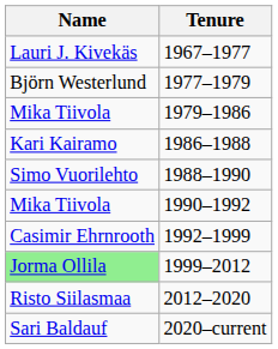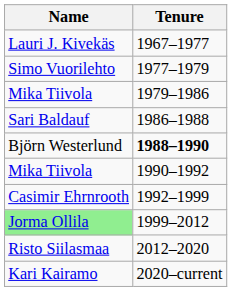 <table class="wikitable" style="display:inline-table;">
 <tr>
 <th>Name</th>
 <th>Tenure</th>
 </tr>
 <tr>
 <td><a href='#'>Lauri J. Kivekäs</a></td>
 <td>1967–1977</td>
 </tr>
 <tr>
-<td>Björn Westerlund</td>
+<td><a href='#'>Simo Vuorilehto</a></td>
 <td>1977–1979</td>
 </tr>
 <tr>
 <td><a href='#'>Mika Tiivola</a></td>
 <td>1979–1986</td>
 </tr>
 <tr>
-<td><a href='#'>Kari Kairamo</a></td>
+<td><a href='#'>Sari Baldauf</a></td>
 <td>1986–1988</td>
 </tr>
 <tr>
-<td><a href='#'>Simo Vuorilehto</a></td>
-<td>1988–1990</td>
+<td>Björn Westerlund</td>
+<td><strong>1988–1990</strong></td>
 </tr>
 <tr>
 <td><a href='#'>Mika Tiivola</a></td>
 <td>1990–1992</td>
 </tr>
 <tr>
 <td><a href='#'>Casimir Ehrnrooth</a></td>
 <td>1992–1999</td>
 </tr>
 <tr>
 <td style="background: lightgreen;"><a href='#'>Jorma Ollila</a></td>
 <td>1999–2012</td>
 </tr>
 <tr>
 <td><a href='#'>Risto Siilasmaa</a></td>
 <td>2012–2020</td>
 </tr>
 <tr>
-<td><a href='#'>Sari Baldauf</a></td>
+<td><a href='#'>Kari Kairamo</a></td>
 <td>2020–current</td>
 </tr>
 </table>
